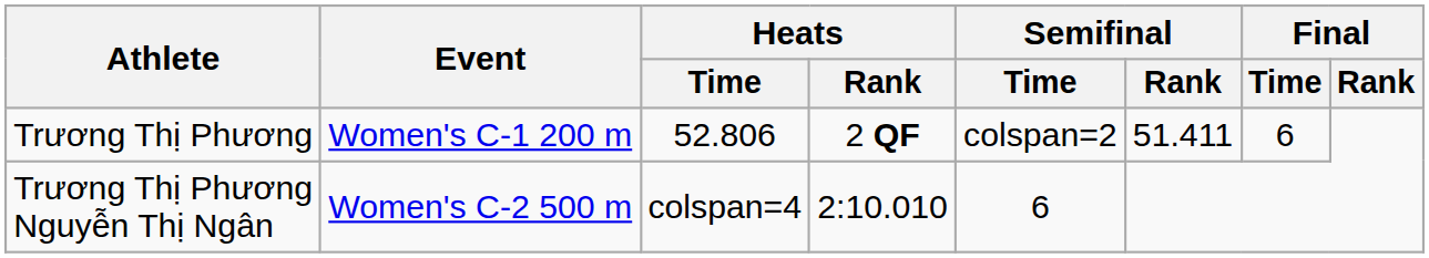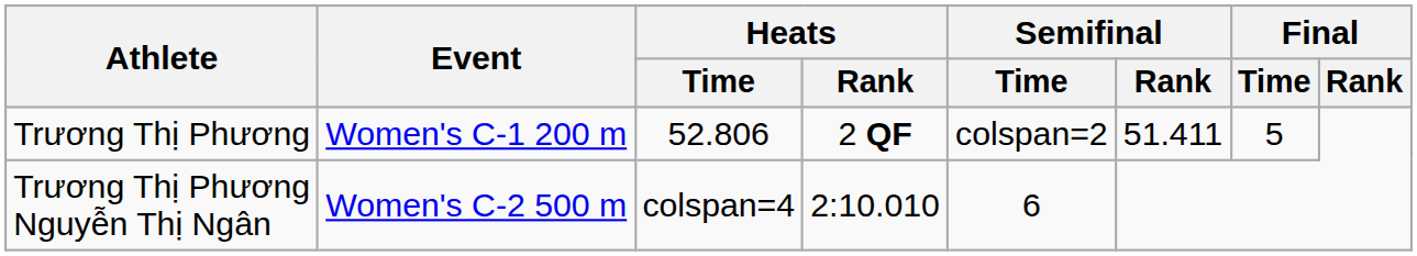 <table class=wikitable style=font-size:90%;text-align:center>
 <tr>
 <th rowspan=2>Athlete</th>
 <th rowspan=2>Event</th>
 <th colspan=2>Heats</th>
 <th colspan=2>Semifinal</th>
 <th colspan=2>Final</th>
 </tr>
 <tr style="font-size:95%">
 <th>Time</th>
 <th>Rank</th>
 <th>Time</th>
 <th>Rank</th>
 <th>Time</th>
 <th>Rank</th>
 </tr>
 <tr>
 <td align=left>Trương Thị Phương</td>
 <td align=left><a href='#'>Women's C-1 200 m</a></td>
 <td>52.806</td>
 <td>2 <strong>QF</strong></td>
 <td>colspan=2 </td>
 <td>51.411</td>
-<td>6</td>
+<td>5</td>
 </tr>
 <tr>
 <td align=left>Trương Thị Phương<br>Nguyễn Thị Ngân</td>
 <td align=left><a href='#'>Women's C-2 500 m</a></td>
 <td>colspan=4 </td>
 <td>2:10.010</td>
 <td>6</td>
 </tr>
 </table>
